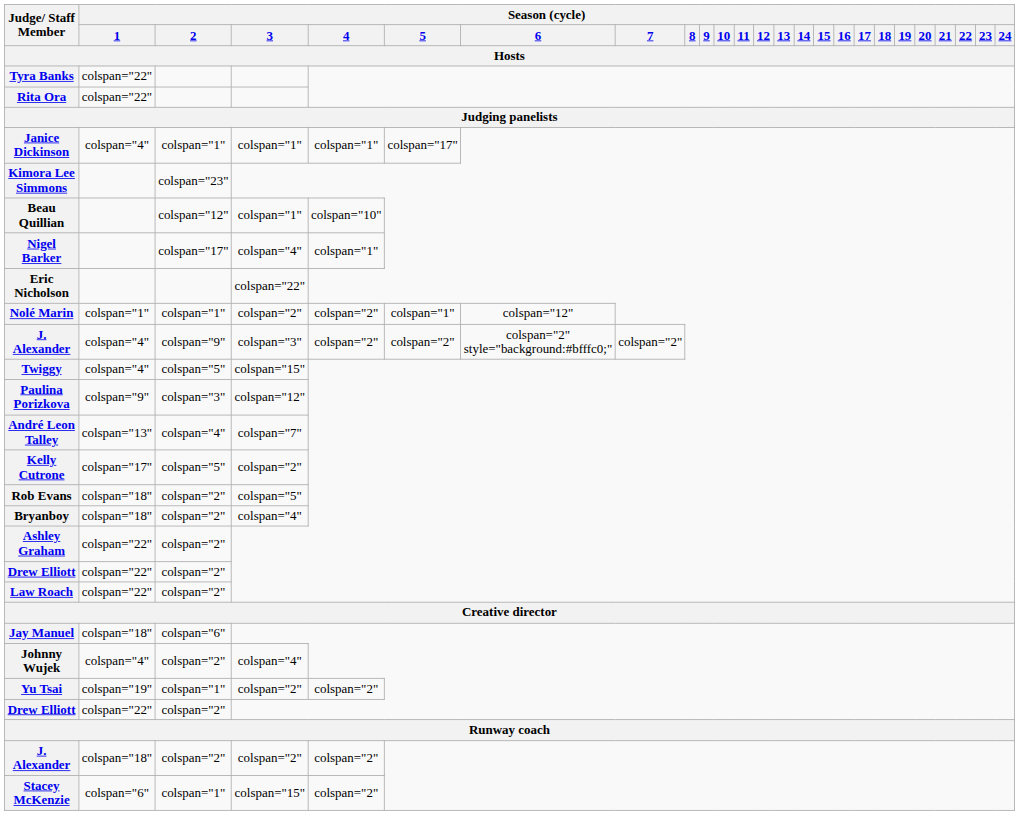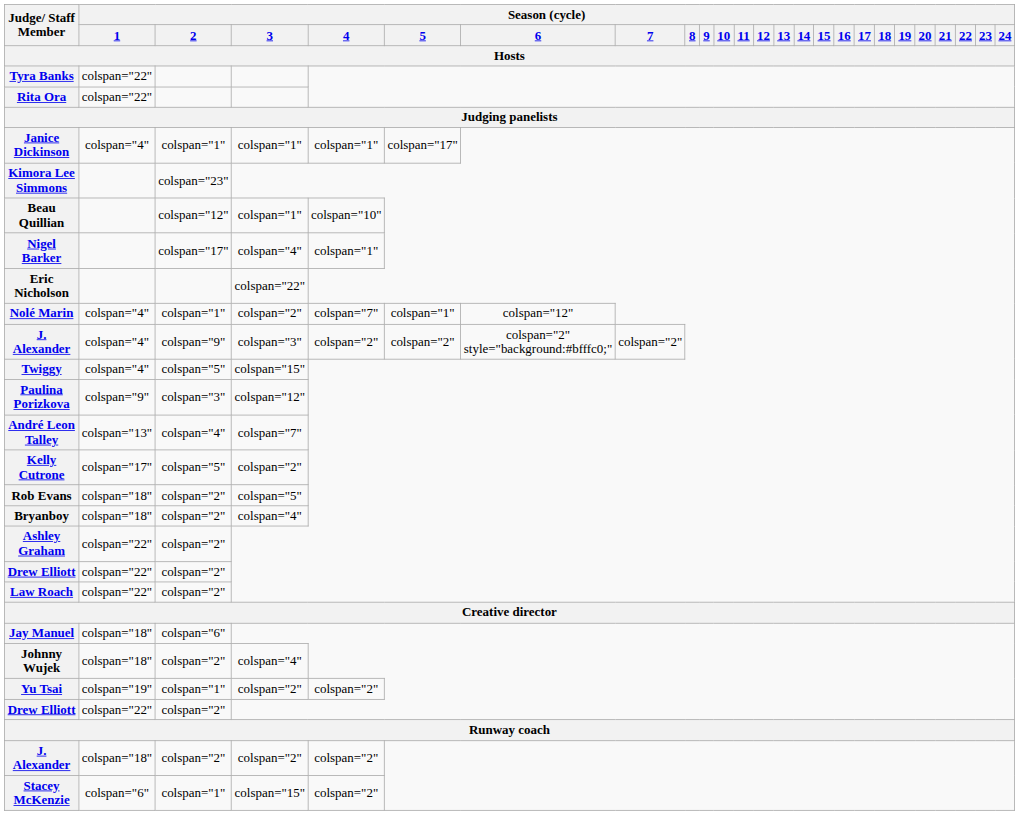 <table class="wikitable plainrowheaders" style="text-align:center;">
 <tr>
 <th rowspan="2" style="width:20%;" scope="col">Judge/ Staff Member</th>
 <th colspan="24">Season (cycle)</th>
 </tr>
 <tr>
 <th style="width:3.5%;" scope="col"><a href='#'>1</a> </th>
 <th style="width:3.5%;" scope="col"><a href='#'>2</a> </th>
 <th style="width:3.5%;" scope="col"><a href='#'>3</a> </th>
 <th style="width:3.5%;" scope="col"><a href='#'>4</a> </th>
 <th style="width:3.5%;" scope="col"><a href='#'>5</a> </th>
 <th style="width:3.5%;" scope="col"><a href='#'>6</a> </th>
 <th style="width:3.5%;" scope="col"><a href='#'>7</a> </th>
 <th style="width:3.5%;" scope="col"><a href='#'>8</a> </th>
 <th style="width:3.5%;" scope="col"><a href='#'>9</a> </th>
 <th style="width:3.5%;" scope="col"><a href='#'>10</a> </th>
 <th style="width:3.5%;" scope="col"><a href='#'>11</a> </th>
 <th style="width:3.5%;" scope="col"><a href='#'>12</a> </th>
 <th style="width:3.5%;" scope="col"><a href='#'>13</a> </th>
 <th style="width:3.5%;" scope="col"><a href='#'>14</a> </th>
 <th style="width:3.5%;" scope="col"><a href='#'>15</a> </th>
 <th style="width:3.5%;" scope="col"><a href='#'>16</a> </th>
 <th style="width:3.5%;" scope="col"><a href='#'>17</a> </th>
 <th style="width:3.5%;" scope="col"><a href='#'>18</a> </th>
 <th style="width:3.5%;" scope="col"><a href='#'>19</a> </th>
 <th style="width:3.5%;" scope="col"><a href='#'>20</a> </th>
 <th style="width:3.5%;" scope="col"><a href='#'>21</a> </th>
 <th style="width:3.5%;" scope="col"><a href='#'>22</a> </th>
 <th style="width:3.5%;" scope="col"><a href='#'>23</a> </th>
 <th style="width:3.5%;" scope="col"><a href='#'>24</a> </th>
 </tr>
 <tr>
 <th scope="col" colspan="25">Hosts</th>
 </tr>
 <tr>
 <th scope="row" style="text-align: center;"><a href='#'>Tyra Banks</a></th>
 <td>colspan="22" </td>
 <td></td>
 <td></td>
 </tr>
 <tr>
 <th scope="row" style="text-align: center;"><a href='#'>Rita Ora</a></th>
 <td>colspan="22" </td>
 <td></td>
 <td></td>
 </tr>
 <tr>
 <th scope="col" colspan="25">Judging panelists</th>
 </tr>
 <tr>
 <th scope="row" style="text-align: center;"><a href='#'>Janice Dickinson</a></th>
 <td>colspan="4" </td>
 <td>colspan="1" </td>
 <td>colspan="1" </td>
 <td>colspan="1" </td>
 <td>colspan="17" </td>
 </tr>
 <tr>
 <th scope="row" style="text-align: center;"><a href='#'>Kimora Lee Simmons</a></th>
 <td></td>
 <td>colspan="23" </td>
 </tr>
 <tr>
 <th scope="row" style="text-align: center;">Beau Quillian</th>
 <td></td>
 <td>colspan="12" </td>
 <td>colspan="1" </td>
 <td>colspan="10" </td>
 </tr>
 <tr>
 <th scope="row" style="text-align: center;"><a href='#'>Nigel Barker</a></th>
 <td></td>
 <td>colspan="17" </td>
 <td>colspan="4" </td>
 <td>colspan="1" </td>
 </tr>
 <tr>
 <th scope="row" style="text-align: center;">Eric Nicholson</th>
 <td></td>
 <td></td>
 <td>colspan="22" </td>
 </tr>
 <tr>
 <th scope="row" style="text-align: center;"><a href='#'>Nolé Marin</a></th>
-<td>colspan="1" </td>
+<td>colspan="4" </td>
 <td>colspan="1" </td>
 <td>colspan="2" </td>
-<td>colspan="2" </td>
+<td>colspan="7" </td>
 <td>colspan="1" </td>
 <td>colspan="12" </td>
 </tr>
 <tr>
 <th scope="row" style="text-align: center;"><a href='#'>J. Alexander</a></th>
 <td>colspan="4" </td>
 <td>colspan="9" </td>
 <td>colspan="3" </td>
 <td>colspan="2" </td>
 <td>colspan="2" </td>
 <td>colspan="2" style="background:#bfffc0;" </td>
 <td>colspan="2" </td>
 </tr>
 <tr>
 <th scope="row" style="text-align: center;"><a href='#'>Twiggy</a></th>
 <td>colspan="4" </td>
 <td>colspan="5" </td>
 <td>colspan="15" </td>
 </tr>
 <tr>
 <th scope="row" style="text-align: center;"><a href='#'>Paulina Porizkova</a></th>
 <td>colspan="9" </td>
 <td>colspan="3" </td>
 <td>colspan="12" </td>
 </tr>
 <tr>
 <th scope="row" style="text-align: center;"><a href='#'>André Leon Talley</a></th>
 <td>colspan="13" </td>
 <td>colspan="4" </td>
 <td>colspan="7" </td>
 </tr>
 <tr>
 <th scope="row" style="text-align: center;"><a href='#'>Kelly Cutrone</a></th>
 <td>colspan="17" </td>
 <td>colspan="5" </td>
 <td>colspan="2" </td>
 </tr>
 <tr>
 <th scope="row" style="text-align: center;">Rob Evans</th>
 <td>colspan="18" </td>
 <td>colspan="2" </td>
 <td>colspan="5" </td>
 </tr>
 <tr>
 <th scope="row" style="text-align: center;">Bryanboy</th>
 <td>colspan="18" </td>
 <td>colspan="2" </td>
 <td>colspan="4" </td>
 </tr>
 <tr>
 <th scope="row" style="text-align: center;"><a href='#'>Ashley Graham</a></th>
 <td>colspan="22" </td>
 <td>colspan="2" </td>
 </tr>
 <tr>
 <th scope="row" style="text-align: center;"><a href='#'>Drew Elliott</a></th>
 <td>colspan="22" </td>
 <td>colspan="2" </td>
 </tr>
 <tr>
 <th scope="row" style="text-align: center;"><a href='#'>Law Roach</a></th>
 <td>colspan="22" </td>
 <td>colspan="2" </td>
 </tr>
 <tr>
 <th scope="col" colspan="25">Creative director</th>
 </tr>
 <tr>
 <th scope="row" style="text-align: center;"><a href='#'>Jay Manuel</a></th>
 <td>colspan="18" </td>
 <td>colspan="6" </td>
 </tr>
 <tr>
 <th scope="row" style="text-align: center;">Johnny Wujek</th>
-<td>colspan="4" </td>
+<td>colspan="18" </td>
 <td>colspan="2" </td>
 <td>colspan="4" </td>
 </tr>
 <tr>
 <th scope="row" style="text-align: center;"><a href='#'>Yu Tsai</a></th>
 <td>colspan="19" </td>
 <td>colspan="1" </td>
 <td>colspan="2" </td>
 <td>colspan="2" </td>
 </tr>
 <tr>
 <th scope="row" style="text-align: center;"><a href='#'>Drew Elliott</a></th>
 <td>colspan="22" </td>
 <td>colspan="2" </td>
 </tr>
 <tr>
 <th scope="col" colspan="25">Runway coach</th>
 </tr>
 <tr>
 <th scope="row" style="text-align: center;"><a href='#'>J. Alexander</a></th>
 <td>colspan="18" </td>
 <td>colspan="2" </td>
 <td>colspan="2" </td>
 <td>colspan="2" </td>
 </tr>
 <tr>
 <th scope="row" style="text-align: center;"><a href='#'>Stacey McKenzie</a></th>
 <td>colspan="6" </td>
 <td>colspan="1" </td>
 <td>colspan="15" </td>
 <td>colspan="2" </td>
 </tr>
 </table>
